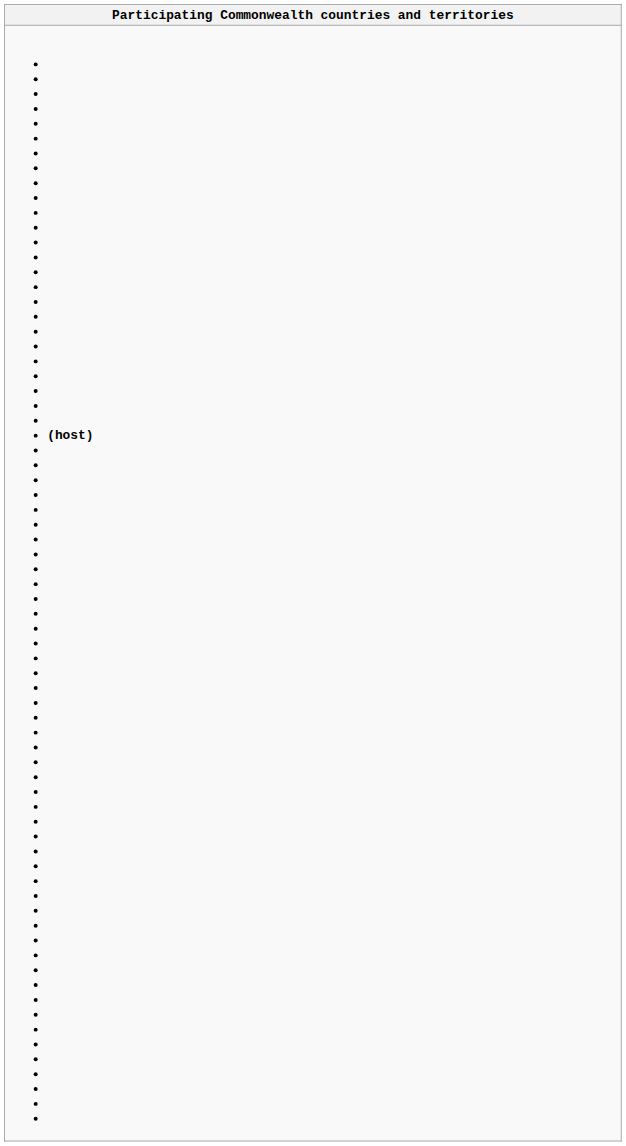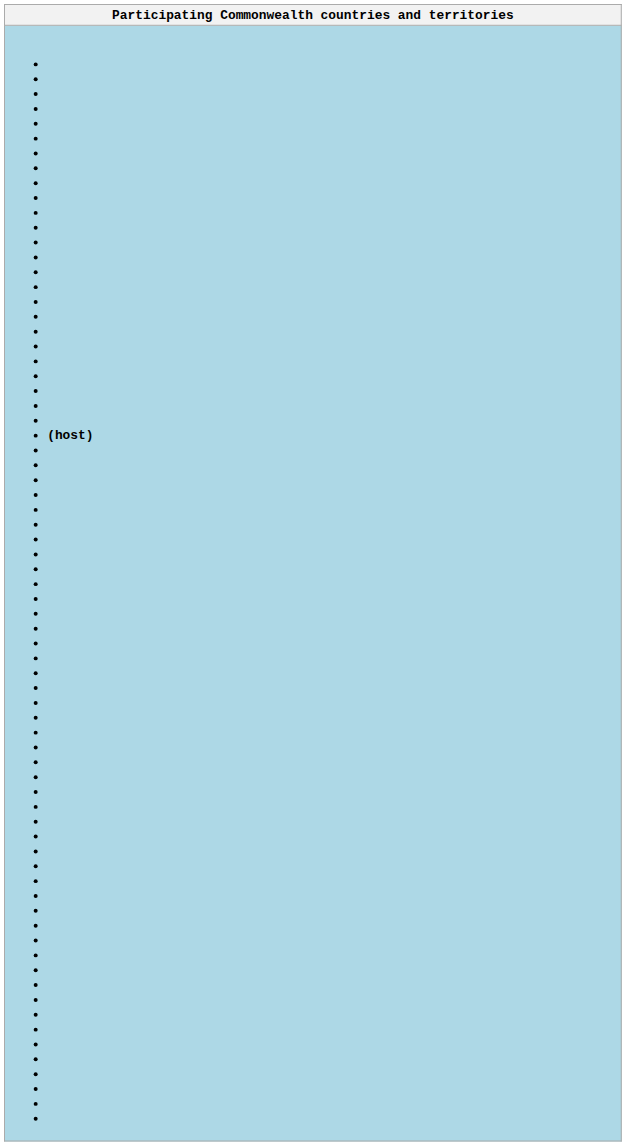 <table class="wikitable collapsible" style="width:100%;">
 <tr>
 <th>Participating Commonwealth countries and territories</th>
 </tr>
 <tr>
-<td><br><ul><li></li><li></li><li></li><li></li><li></li><li></li><li></li><li></li><li></li><li></li><li></li><li></li><li></li><li></li><li></li><li></li><li></li><li></li><li></li><li></li><li></li><li></li><li></li><li></li><li></li><li> <strong>(host)</strong></li><li></li><li></li><li></li><li></li><li></li><li></li><li></li><li></li><li></li><li></li><li></li><li></li><li></li><li></li><li></li><li></li><li></li><li></li><li></li><li></li><li></li><li></li><li></li><li></li><li></li><li></li><li></li><li></li><li></li><li></li><li></li><li></li><li></li><li></li><li></li><li></li><li></li><li></li><li></li><li></li><li></li><li></li><li></li><li></li><li></li><li></li></ul></td>
+<td style="background: lightblue;"><br><ul><li></li><li></li><li></li><li></li><li></li><li></li><li></li><li></li><li></li><li></li><li></li><li></li><li></li><li></li><li></li><li></li><li></li><li></li><li></li><li></li><li></li><li></li><li></li><li></li><li></li><li> <strong>(host)</strong></li><li></li><li></li><li></li><li></li><li></li><li></li><li></li><li></li><li></li><li></li><li></li><li></li><li></li><li></li><li></li><li></li><li></li><li></li><li></li><li></li><li></li><li></li><li></li><li></li><li></li><li></li><li></li><li></li><li></li><li></li><li></li><li></li><li></li><li></li><li></li><li></li><li></li><li></li><li></li><li></li><li></li><li></li><li></li><li></li><li></li><li></li></ul></td>
 </tr>
 </table>
